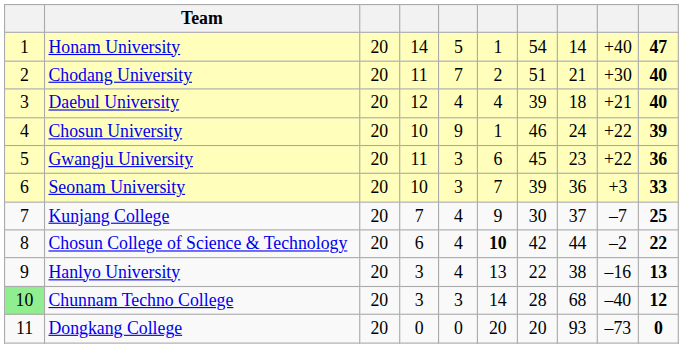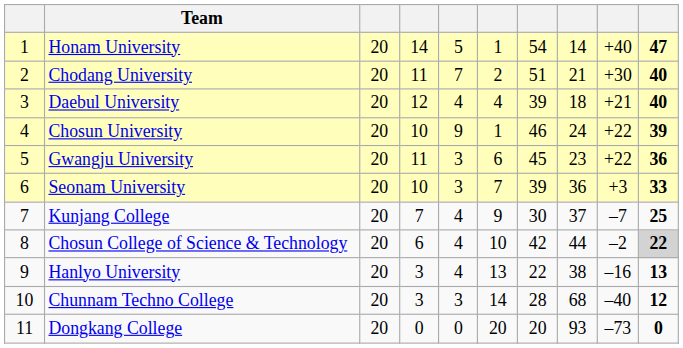 <table class="wikitable" style="text-align:center;">
 <tr>
 <th width=30></th>
 <th width=300>Team</th>
 <th width=30></th>
 <th width=30></th>
 <th width=30></th>
 <th width=30></th>
 <th width=30></th>
 <th width=30></th>
 <th width=30></th>
 <th width=30></th>
 </tr>
 <tr bgcolor=#ffffbb>
 <td>1</td>
 <td align=left><a href='#'>Honam University</a></td>
 <td>20</td>
 <td>14</td>
 <td>5</td>
 <td>1</td>
 <td>54</td>
 <td>14</td>
 <td>+40</td>
 <td><strong>47</strong></td>
 </tr>
 <tr bgcolor=#ffffbb>
 <td>2</td>
 <td align=left><a href='#'>Chodang University</a></td>
 <td>20</td>
 <td>11</td>
 <td>7</td>
 <td>2</td>
 <td>51</td>
 <td>21</td>
 <td>+30</td>
 <td><strong>40</strong></td>
 </tr>
 <tr bgcolor=#ffffbb>
 <td>3</td>
 <td align=left><a href='#'>Daebul University</a></td>
 <td>20</td>
 <td>12</td>
 <td>4</td>
 <td>4</td>
 <td>39</td>
 <td>18</td>
 <td>+21</td>
 <td><strong>40</strong></td>
 </tr>
 <tr bgcolor=#ffffbb>
 <td>4</td>
 <td align=left><a href='#'>Chosun University</a></td>
 <td>20</td>
 <td>10</td>
 <td>9</td>
 <td>1</td>
 <td>46</td>
 <td>24</td>
 <td>+22</td>
 <td><strong>39</strong></td>
 </tr>
 <tr bgcolor=#ffffbb>
 <td>5</td>
 <td align=left><a href='#'>Gwangju University</a></td>
 <td>20</td>
 <td>11</td>
 <td>3</td>
 <td>6</td>
 <td>45</td>
 <td>23</td>
 <td>+22</td>
 <td><strong>36</strong></td>
 </tr>
 <tr bgcolor=#ffffbb>
 <td>6</td>
 <td align=left><a href='#'>Seonam University</a></td>
 <td>20</td>
 <td>10</td>
 <td>3</td>
 <td>7</td>
 <td>39</td>
 <td>36</td>
 <td>+3</td>
 <td><strong>33</strong></td>
 </tr>
 <tr>
 <td>7</td>
 <td align=left><a href='#'>Kunjang College</a></td>
 <td>20</td>
 <td>7</td>
 <td>4</td>
 <td>9</td>
 <td>30</td>
 <td>37</td>
 <td>–7</td>
 <td><strong>25</strong></td>
 </tr>
 <tr>
 <td>8</td>
 <td align=left><a href='#'>Chosun College of Science & Technology</a></td>
 <td>20</td>
 <td>6</td>
 <td>4</td>
-<td><strong>10</strong></td>
+<td>10</td>
 <td>42</td>
 <td>44</td>
 <td>–2</td>
-<td><strong>22</strong></td>
+<td style="background: lightgrey;"><strong>22</strong></td>
 </tr>
 <tr>
 <td>9</td>
 <td align=left><a href='#'>Hanlyo University</a></td>
 <td>20</td>
 <td>3</td>
 <td>4</td>
 <td>13</td>
 <td>22</td>
 <td>38</td>
 <td>–16</td>
 <td><strong>13</strong></td>
 </tr>
 <tr>
-<td style="background: lightgreen;">10</td>
+<td>10</td>
 <td align=left><a href='#'>Chunnam Techno College</a></td>
 <td>20</td>
 <td>3</td>
 <td>3</td>
 <td>14</td>
 <td>28</td>
 <td>68</td>
 <td>–40</td>
 <td><strong>12</strong></td>
 </tr>
 <tr>
 <td>11</td>
 <td align=left><a href='#'>Dongkang College</a></td>
 <td>20</td>
 <td>0</td>
 <td>0</td>
 <td>20</td>
 <td>20</td>
 <td>93</td>
 <td>–73</td>
 <td><strong>0</strong></td>
 </tr>
 </table>
